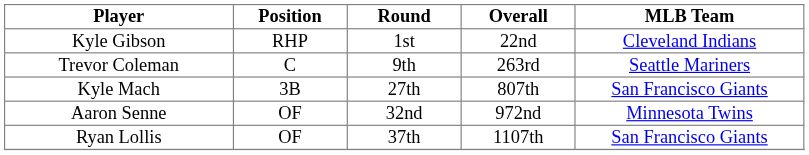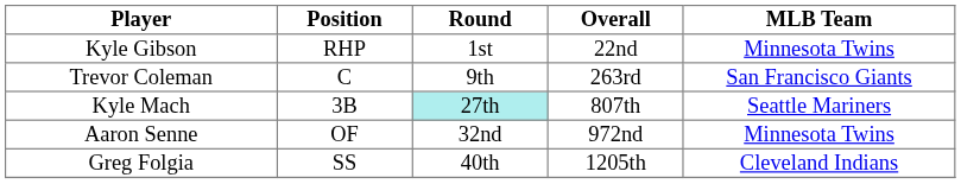 <table class="toccolours" border=1 style="text-align:center; border-collapse:collapse;">
 <tr>
 <th style="width:20%; ">Player</th>
 <th style="width:10%; ">Position</th>
 <th style="width:10%; ">Round</th>
 <th style="width:10%; ">Overall</th>
 <th style="width:20%; ">MLB Team</th>
 </tr>
 <tr>
 <td>Kyle Gibson</td>
 <td>RHP</td>
 <td>1st</td>
 <td>22nd</td>
-<td><a href='#'>Cleveland Indians</a></td>
+<td><a href='#'>Minnesota Twins</a></td>
 </tr>
 <tr>
 <td>Trevor Coleman</td>
 <td>C</td>
 <td>9th</td>
 <td>263rd</td>
-<td><a href='#'>Seattle Mariners</a></td>
+<td><a href='#'>San Francisco Giants</a></td>
 </tr>
 <tr>
 <td>Kyle Mach</td>
 <td>3B</td>
-<td>27th</td>
+<td style="background: paleturquoise;">27th</td>
 <td>807th</td>
-<td><a href='#'>San Francisco Giants</a></td>
+<td><a href='#'>Seattle Mariners</a></td>
 </tr>
 <tr>
 <td>Aaron Senne</td>
 <td>OF</td>
 <td>32nd</td>
 <td>972nd</td>
 <td><a href='#'>Minnesota Twins</a></td>
 </tr>
 <tr>
-<td>Ryan Lollis</td>
-<td>OF</td>
-<td>37th</td>
-<td>1107th</td>
-<td><a href='#'>San Francisco Giants</a></td>
+<td>Greg Folgia</td>
+<td>SS</td>
+<td>40th</td>
+<td>1205th</td>
+<td><a href='#'>Cleveland Indians</a></td>
 </tr>
 <tr>
 </tr>
 </table>
